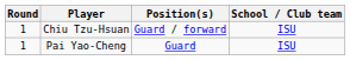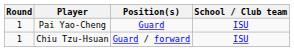 <table class="wikitable sortable sortable">
 <tr>
 <th>Round</th>
 <th>Player</th>
 <th>Position(s)</th>
 <th>School / Club team</th>
 </tr>
 <tr style="text-align: center">
 <td>1</td>
+<td>Pai Yao-Cheng</td>
+<td><a href='#'>Guard</a></td>
+<td><a href='#'>ISU</a></td>
+</tr>
+<tr style="text-align: center">
+<td>1</td>
 <td>Chiu Tzu-Hsuan</td>
 <td><a href='#'>Guard</a> / <a href='#'>forward</a></td>
 <td><a href='#'>ISU</a></td>
 </tr>
-<tr style="text-align: center">
-<td>1</td>
-<td>Pai Yao-Cheng</td>
-<td><a href='#'>Guard</a></td>
-<td><a href='#'>ISU</a></td>
-</tr>
 </table>
